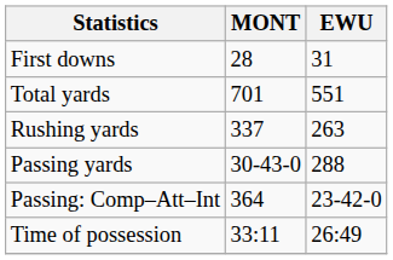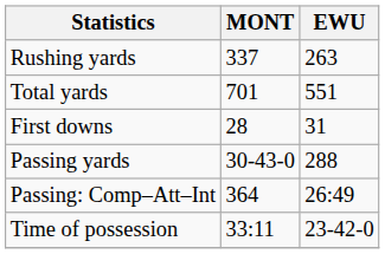 <table class="wikitable" style="float: left;">
 <tr>
 <th>Statistics</th>
 <th>MONT</th>
 <th>EWU</th>
 </tr>
 <tr>
-<td>First downs</td>
-<td>28</td>
-<td>31</td>
+<td>Rushing yards</td>
+<td>337</td>
+<td>263</td>
 </tr>
 <tr>
 <td>Total yards</td>
 <td>701</td>
 <td>551</td>
 </tr>
 <tr>
-<td>Rushing yards</td>
-<td>337</td>
-<td>263</td>
+<td>First downs</td>
+<td>28</td>
+<td>31</td>
 </tr>
 <tr>
 <td>Passing yards</td>
 <td>30-43-0</td>
 <td>288</td>
 </tr>
 <tr>
 <td>Passing: Comp–Att–Int</td>
 <td>364</td>
-<td>23-42-0</td>
+<td>26:49</td>
 </tr>
 <tr>
 <td>Time of possession</td>
 <td>33:11</td>
-<td>26:49</td>
+<td>23-42-0</td>
 </tr>
 <tr>
 </tr>
 </table>
